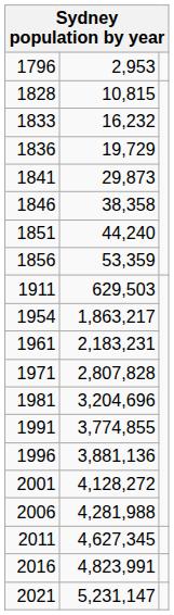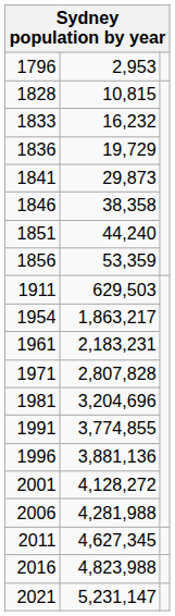 <table class="wikitable mw-collapsible" style="float:right; clear:right; margin:10px; text-size:60%; text-align:right;">
 <tr>
 <th style="text-align:center;" colspan="3"><strong>Sydney<br>population by year</strong></th>
 </tr>
 <tr>
 <td>1796</td>
 <td>2,953</td>
 <td style="text-align:center;"></td>
 </tr>
 <tr>
 <td>1828</td>
 <td>10,815</td>
 <td rowspan="7"></td>
 </tr>
 <tr>
 <td>1833</td>
 <td>16,232</td>
 </tr>
 <tr>
 <td>1836</td>
 <td>19,729</td>
 </tr>
 <tr>
 <td>1841</td>
 <td>29,873</td>
 </tr>
 <tr>
 <td>1846</td>
 <td>38,358</td>
 </tr>
 <tr>
 <td>1851</td>
 <td>44,240</td>
 </tr>
 <tr>
 <td>1856</td>
 <td>53,359</td>
 </tr>
 <tr>
 <td>1911</td>
 <td>629,503</td>
 <td style="text-align:center;" rowspan="9"></td>
 </tr>
 <tr>
 <td>1954</td>
 <td>1,863,217</td>
 </tr>
 <tr>
 <td>1961</td>
 <td>2,183,231</td>
 </tr>
 <tr>
 <td>1971</td>
 <td>2,807,828</td>
 </tr>
 <tr>
 <td>1981</td>
 <td>3,204,696</td>
 </tr>
 <tr>
 <td>1991</td>
 <td>3,774,855</td>
 </tr>
 <tr>
 <td>1996</td>
 <td>3,881,136</td>
 </tr>
 <tr>
 <td>2001</td>
 <td>4,128,272</td>
 </tr>
 <tr>
 <td>2006</td>
 <td>4,281,988</td>
 </tr>
 <tr>
 <td>2011</td>
 <td>4,627,345</td>
 <td></td>
 </tr>
 <tr>
 <td>2016</td>
-<td>4,823,991</td>
+<td>4,823,988</td>
 <td></td>
 </tr>
 <tr>
 <td>2021</td>
 <td>5,231,147</td>
 <td></td>
 </tr>
 </table>
